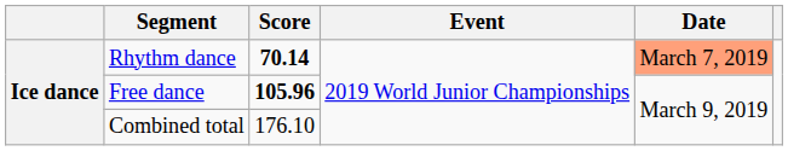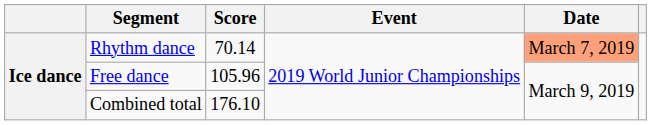 <table class="wikitable unsortable style="text-align:left">
 <tr>
 <th scope="col"></th>
 <th scope="col">Segment</th>
 <th scope="col">Score</th>
 <th scope="col">Event</th>
 <th scope="col">Date</th>
 <th scope="col"></th>
 </tr>
 <tr>
 <th rowspan="3" scope="row" style="text-align:left">Ice dance</th>
 <td><a href='#'>Rhythm dance</a></td>
-<td style="text-align:center"><strong>70.14</strong></td>
+<td style="text-align:center">70.14</td>
 <td rowspan="3"><a href='#'>2019 World Junior Championships</a></td>
 <td style="background: lightsalmon;">March 7, 2019</td>
 <td rowspan="3"></td>
 </tr>
 <tr>
 <td><a href='#'>Free dance</a></td>
-<td style="text-align:center"><strong>105.96</strong></td>
+<td style="text-align:center">105.96</td>
 <td rowspan="2">March 9, 2019</td>
 </tr>
 <tr>
 <td>Combined total</td>
 <td style="text-align:center">176.10</td>
 </tr>
 </table>
